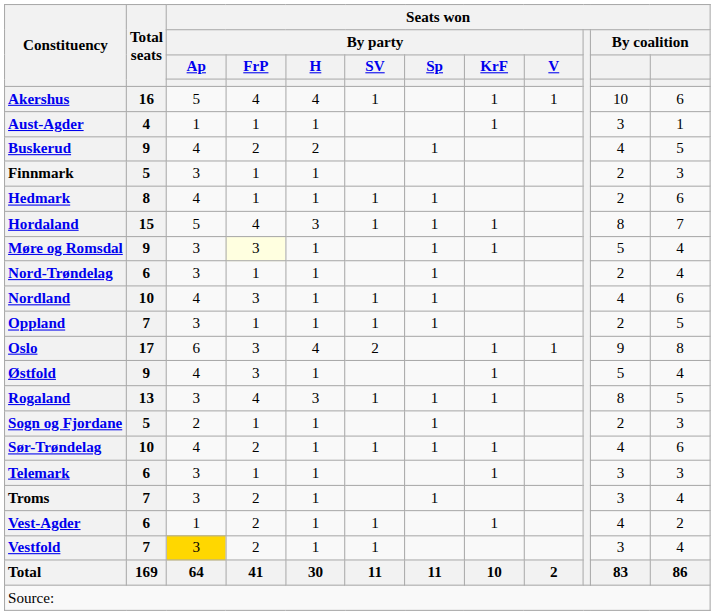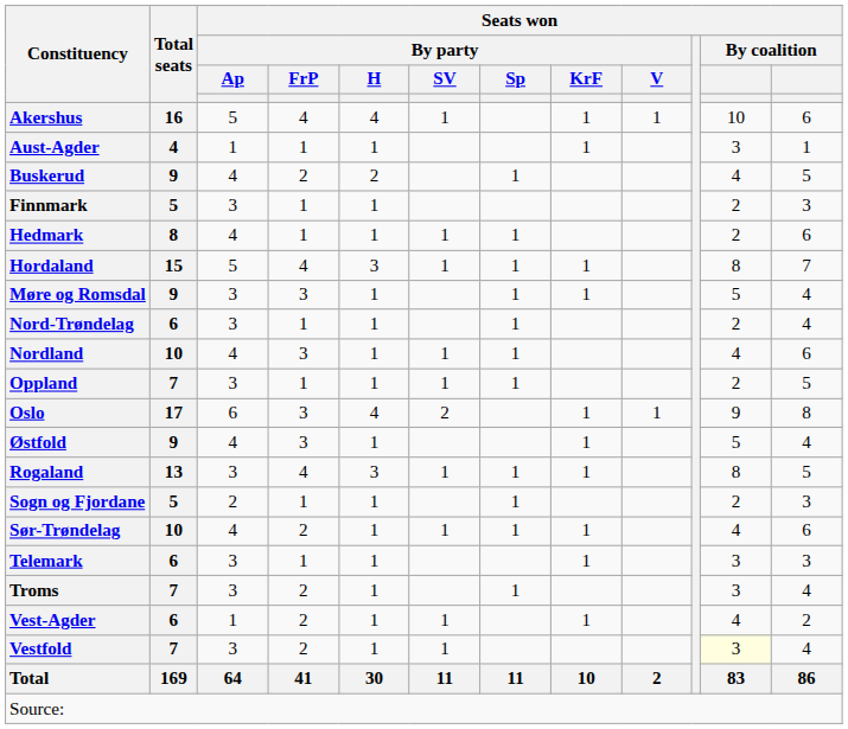 <table class="wikitable" style="text-align:center; font-size: 0.9em;">
 <tr>
 <th rowspan="4">Constituency</th>
 <th rowspan="4">Total<br>seats</th>
 <th colspan="10">Seats won</th>
 </tr>
 <tr>
 <th colspan="7">By party</th>
 <th rowspan="23"></th>
 <th colspan="2">By coalition</th>
 </tr>
 <tr>
 <th class="unsortable" style="width:50px;"><a href='#'>Ap</a></th>
 <th class="unsortable" style="width:50px;"><a href='#'>FrP</a></th>
 <th class="unsortable" style="width:50px;"><a href='#'>H</a></th>
 <th class="unsortable" style="width:50px;"><a href='#'>SV</a></th>
 <th class="unsortable" style="width:50px;"><a href='#'>Sp</a></th>
 <th class="unsortable" style="width:50px;"><a href='#'>KrF</a></th>
 <th class="unsortable" style="width:50px;"><a href='#'>V</a></th>
 <th class="unsortable" style="width:50px;"></th>
 <th class="unsortable" style="width:50px;"></th>
 </tr>
 <tr>
 <th style="background:"></th>
 <th style="background:"></th>
 <th style="background:"></th>
 <th style="background:"></th>
 <th style="background:"></th>
 <th style="background:"></th>
 <th style="background:"></th>
 <th style="background:"></th>
 <th style="background:"></th>
 </tr>
 <tr>
 <th style="text-align: left;"><a href='#'>Akershus</a></th>
 <th>16</th>
 <td>5</td>
 <td>4</td>
 <td>4</td>
 <td>1</td>
 <td></td>
 <td>1</td>
 <td>1</td>
 <td>10</td>
 <td>6</td>
 </tr>
 <tr>
 <th style="text-align: left;"><a href='#'>Aust-Agder</a></th>
 <th>4</th>
 <td>1</td>
 <td>1</td>
 <td>1</td>
 <td></td>
 <td></td>
 <td>1</td>
 <td></td>
 <td>3</td>
 <td>1</td>
 </tr>
 <tr>
 <th style="text-align: left;"><a href='#'>Buskerud</a></th>
 <th>9</th>
 <td>4</td>
 <td>2</td>
 <td>2</td>
 <td></td>
 <td>1</td>
 <td></td>
 <td></td>
 <td>4</td>
 <td>5</td>
 </tr>
 <tr>
 <th style="text-align: left;">Finnmark</th>
 <th>5</th>
 <td>3</td>
 <td>1</td>
 <td>1</td>
 <td></td>
 <td></td>
 <td></td>
 <td></td>
 <td>2</td>
 <td>3</td>
 </tr>
 <tr>
 <th style="text-align: left;"><a href='#'>Hedmark</a></th>
 <th>8</th>
 <td>4</td>
 <td>1</td>
 <td>1</td>
 <td>1</td>
 <td>1</td>
 <td></td>
 <td></td>
 <td>2</td>
 <td>6</td>
 </tr>
 <tr>
 <th style="text-align: left;"><a href='#'>Hordaland</a></th>
 <th>15</th>
 <td>5</td>
 <td>4</td>
 <td>3</td>
 <td>1</td>
 <td>1</td>
 <td>1</td>
 <td></td>
 <td>8</td>
 <td>7</td>
 </tr>
 <tr>
 <th style="text-align: left;"><a href='#'>Møre og Romsdal</a></th>
 <th>9</th>
 <td>3</td>
-<td style="background: lightyellow;">3</td>
+<td>3</td>
 <td>1</td>
 <td></td>
 <td>1</td>
 <td>1</td>
 <td></td>
 <td>5</td>
 <td>4</td>
 </tr>
 <tr>
 <th style="text-align: left;"><a href='#'>Nord-Trøndelag</a></th>
 <th>6</th>
 <td>3</td>
 <td>1</td>
 <td>1</td>
 <td></td>
 <td>1</td>
 <td></td>
 <td></td>
 <td>2</td>
 <td>4</td>
 </tr>
 <tr>
 <th style="text-align: left;"><a href='#'>Nordland</a></th>
 <th>10</th>
 <td>4</td>
 <td>3</td>
 <td>1</td>
 <td>1</td>
 <td>1</td>
 <td></td>
 <td></td>
 <td>4</td>
 <td>6</td>
 </tr>
 <tr>
 <th style="text-align: left;"><a href='#'>Oppland</a></th>
 <th>7</th>
 <td>3</td>
 <td>1</td>
 <td>1</td>
 <td>1</td>
 <td>1</td>
 <td></td>
 <td></td>
 <td>2</td>
 <td>5</td>
 </tr>
 <tr>
 <th style="text-align: left;"><a href='#'>Oslo</a></th>
 <th>17</th>
 <td>6</td>
 <td>3</td>
 <td>4</td>
 <td>2</td>
 <td></td>
 <td>1</td>
 <td>1</td>
 <td>9</td>
 <td>8</td>
 </tr>
 <tr>
 <th style="text-align: left;"><a href='#'>Østfold</a></th>
 <th>9</th>
 <td>4</td>
 <td>3</td>
 <td>1</td>
 <td></td>
 <td></td>
 <td>1</td>
 <td></td>
 <td>5</td>
 <td>4</td>
 </tr>
 <tr>
 <th style="text-align: left;"><a href='#'>Rogaland</a></th>
 <th>13</th>
 <td>3</td>
 <td>4</td>
 <td>3</td>
 <td>1</td>
 <td>1</td>
 <td>1</td>
 <td></td>
 <td>8</td>
 <td>5</td>
 </tr>
 <tr>
 <th style="text-align: left;"><a href='#'>Sogn og Fjordane</a></th>
 <th>5</th>
 <td>2</td>
 <td>1</td>
 <td>1</td>
 <td></td>
 <td>1</td>
 <td></td>
 <td></td>
 <td>2</td>
 <td>3</td>
 </tr>
 <tr>
 <th style="text-align: left;"><a href='#'>Sør-Trøndelag</a></th>
 <th>10</th>
 <td>4</td>
 <td>2</td>
 <td>1</td>
 <td>1</td>
 <td>1</td>
 <td>1</td>
 <td></td>
 <td>4</td>
 <td>6</td>
 </tr>
 <tr>
 <th style="text-align: left;"><a href='#'>Telemark</a></th>
 <th>6</th>
 <td>3</td>
 <td>1</td>
 <td>1</td>
 <td></td>
 <td></td>
 <td>1</td>
 <td></td>
 <td>3</td>
 <td>3</td>
 </tr>
 <tr>
 <th style="text-align: left;">Troms</th>
 <th>7</th>
 <td>3</td>
 <td>2</td>
 <td>1</td>
 <td></td>
 <td>1</td>
 <td></td>
 <td></td>
 <td>3</td>
 <td>4</td>
 </tr>
 <tr>
 <th style="text-align: left;"><a href='#'>Vest-Agder</a></th>
 <th>6</th>
 <td>1</td>
 <td>2</td>
 <td>1</td>
 <td>1</td>
 <td></td>
 <td>1</td>
 <td></td>
 <td>4</td>
 <td>2</td>
 </tr>
 <tr>
 <th style="text-align: left;"><a href='#'>Vestfold</a></th>
 <th>7</th>
-<td style="background: gold;">3</td>
+<td>3</td>
 <td>2</td>
 <td>1</td>
 <td>1</td>
 <td></td>
 <td></td>
 <td></td>
-<td>3</td>
+<td style="background: lightyellow;">3</td>
 <td>4</td>
 </tr>
 <tr>
 <th style="text-align: left;">Total</th>
 <th>169</th>
 <th>64</th>
 <th>41</th>
 <th>30</th>
 <th>11</th>
 <th>11</th>
 <th>10</th>
 <th>2</th>
 <th>83</th>
 <th>86</th>
 </tr>
 <tr>
 <td align=left colspan="12">Source: </td>
 </tr>
 </table>
